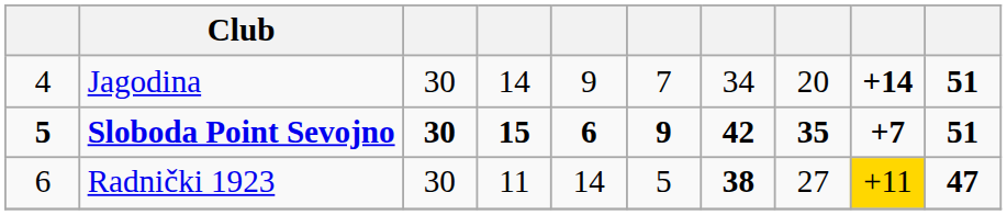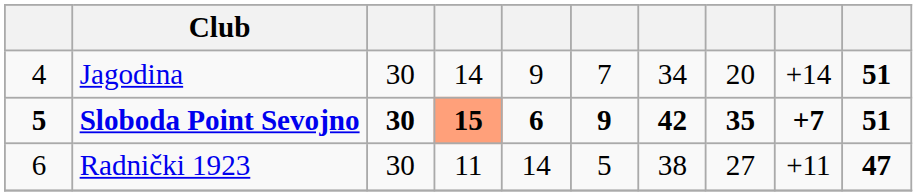 <table class="wikitable" style="text-align:center">
 <tr>
 <th width=30></th>
 <th>Club</th>
 <th width=30></th>
 <th width=30></th>
 <th width=30></th>
 <th width=30></th>
 <th width=30></th>
 <th width=30></th>
 <th width=30></th>
 <th width=30></th>
 </tr>
 <tr -bgcolor="97DEFF">
 <td>4</td>
 <td align=left><a href='#'>Jagodina</a></td>
 <td>30</td>
 <td>14</td>
 <td>9</td>
 <td>7</td>
 <td>34</td>
 <td>20</td>
-<td><strong>+14</strong></td>
+<td>+14</td>
 <td><strong>51</strong></td>
 </tr>
 <tr>
 <td><strong>5</strong></td>
 <td align=left><strong><a href='#'>Sloboda Point Sevojno</a></strong></td>
 <td><strong>30</strong></td>
-<td><strong>15</strong></td>
+<td style="background: lightsalmon;"><strong>15</strong></td>
 <td><strong>6</strong></td>
 <td><strong>9</strong></td>
 <td><strong>42</strong></td>
 <td><strong>35</strong></td>
 <td><strong>+7</strong></td>
 <td><strong>51</strong></td>
 </tr>
 <tr>
 <td>6</td>
 <td align=left><a href='#'>Radnički 1923</a></td>
 <td>30</td>
 <td>11</td>
 <td>14</td>
 <td>5</td>
-<td><strong>38</strong></td>
+<td>38</td>
 <td>27</td>
-<td style="background: gold;">+11</td>
+<td>+11</td>
 <td><strong>47</strong></td>
 </tr>
 <tr>
 </tr>
 </table>
